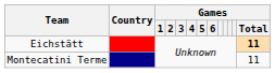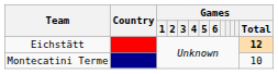 <table class="wikitable plainrowheaders" style="text-align:center;">
 <tr>
 <th rowspan=2>Team</th>
 <th rowspan=2>Country</th>
 <th colspan=11>Games</th>
 </tr>
 <tr>
 <th>1</th>
 <th>2</th>
 <th>3</th>
 <th>4</th>
 <th>5</th>
 <th>6</th>
 <th></th>
 <th></th>
 <th></th>
 <th></th>
 <th>Total</th>
 </tr>
 <tr>
 <td>Eichstätt</td>
 <td style="background:red"></td>
 <td colspan=10 rowspan=2><em>Unknown</em></td>
-<td style="font-weight:bold; background:NavajoWhite;">11</td>
+<td style="font-weight:bold; background:NavajoWhite;">12</td>
 </tr>
 <tr>
 <td>Montecatini Terme</td>
 <td style="background:darkblue"></td>
-<td>11</td>
+<td>10</td>
 </tr>
 </table>
